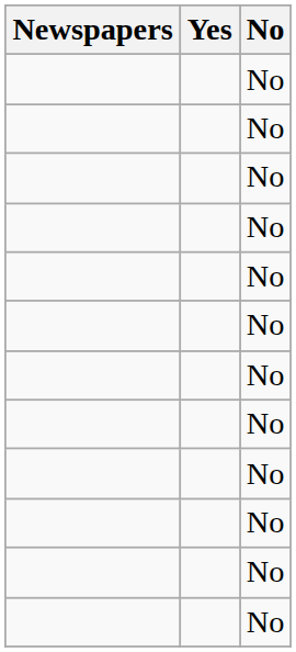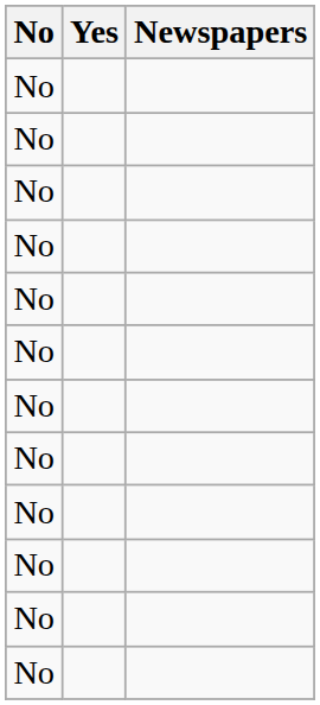 <table class="wikitable">
 <tr>
+<th>No</th>
+<th>Yes</th>
 <th>Newspapers</th>
-<th>Yes</th>
-<th>No</th>
 </tr>
 <tr>
+<td>No</td>
 <td></td>
 <td></td>
-<td>No</td>
 </tr>
 <tr>
+<td>No</td>
 <td></td>
 <td></td>
-<td>No</td>
 </tr>
 <tr>
+<td>No</td>
 <td></td>
 <td></td>
-<td>No</td>
 </tr>
 <tr>
+<td>No</td>
 <td></td>
 <td></td>
-<td>No</td>
 </tr>
 <tr>
+<td>No</td>
 <td></td>
 <td></td>
-<td>No</td>
 </tr>
 <tr>
+<td>No</td>
 <td></td>
 <td></td>
-<td>No</td>
 </tr>
 <tr>
+<td>No</td>
 <td></td>
 <td></td>
-<td>No</td>
 </tr>
 <tr>
+<td>No</td>
 <td></td>
 <td></td>
-<td>No</td>
 </tr>
 <tr>
+<td>No</td>
 <td></td>
 <td></td>
-<td>No</td>
 </tr>
 <tr>
+<td>No</td>
 <td></td>
 <td></td>
-<td>No</td>
 </tr>
 <tr>
+<td>No</td>
 <td></td>
 <td></td>
-<td>No</td>
 </tr>
 <tr>
+<td>No</td>
 <td></td>
 <td></td>
-<td>No</td>
 </tr>
 </table>
